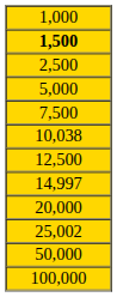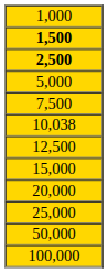 <table border=-2 cellspacing=0 cellpadding=1 width=100px>
 <tr>
 <td bgcolor="gold" align="center">1,000</td>
 </tr>
 <tr>
 <td bgcolor="gold" align="center"><strong>1,500</strong></td>
 </tr>
 <tr>
-<td bgcolor="gold" align="center">2,500</td>
+<td bgcolor="gold" align="center"><strong>2,500</strong></td>
 </tr>
 <tr>
 <td bgcolor="gold" align="center">5,000</td>
 </tr>
 <tr>
 <td bgcolor="gold" align="center">7,500</td>
 </tr>
 <tr>
 <td bgcolor="gold" align="center">10,038</td>
 </tr>
 <tr>
 <td bgcolor="gold" align="center">12,500</td>
 </tr>
 <tr>
-<td bgcolor="gold" align="center">14,997</td>
+<td bgcolor="gold" align="center">15,000</td>
 </tr>
 <tr>
 <td bgcolor="gold" align="center">20,000</td>
 </tr>
 <tr>
-<td bgcolor="gold" align="center">25,002</td>
+<td bgcolor="gold" align="center">25,000</td>
 </tr>
 <tr>
 <td bgcolor="gold" align="center">50,000</td>
 </tr>
 <tr>
 <td bgcolor="gold" align="center">100,000</td>
 </tr>
 </table>
